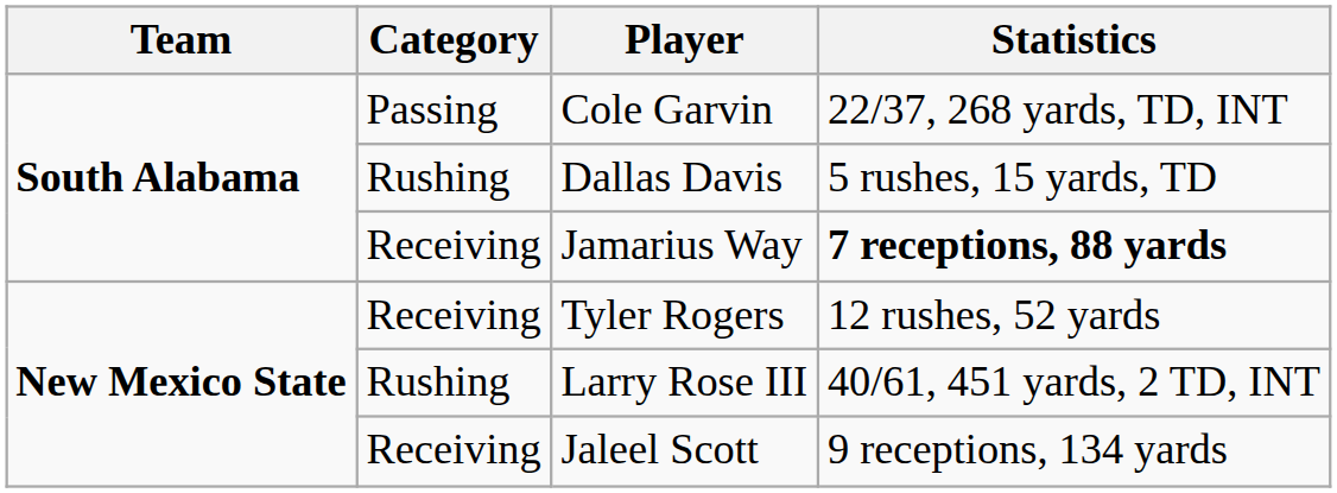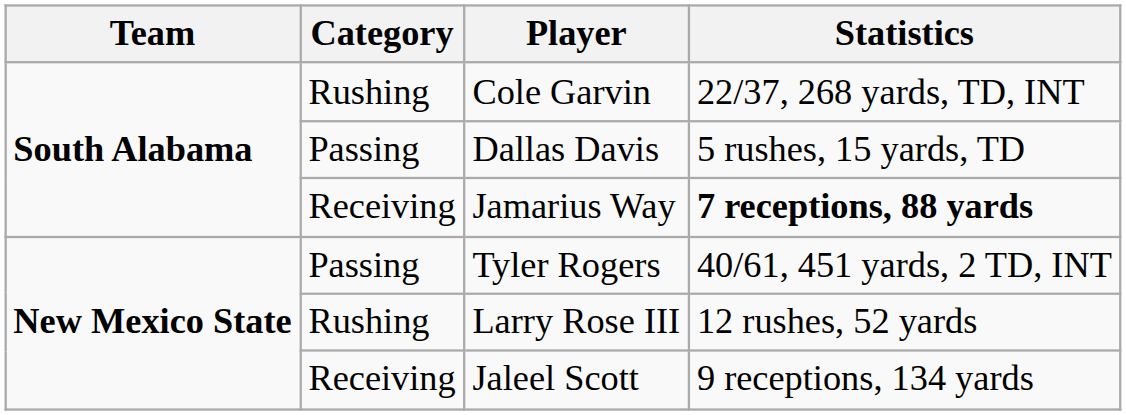 <table class="wikitable" style="float: right;">
 <tr>
 <th>Team</th>
 <th>Category</th>
 <th>Player</th>
 <th>Statistics</th>
 </tr>
 <tr>
 <td rowspan=3><strong>South Alabama</strong></td>
-<td>Passing</td>
+<td>Rushing</td>
 <td>Cole Garvin</td>
 <td>22/37, 268 yards, TD, INT</td>
 </tr>
 <tr>
-<td>Rushing</td>
+<td>Passing</td>
 <td>Dallas Davis</td>
 <td>5 rushes, 15 yards, TD</td>
 </tr>
 <tr>
 <td>Receiving</td>
 <td>Jamarius Way</td>
 <td><strong>7 receptions, 88 yards</strong></td>
 </tr>
 <tr>
 <td rowspan=3><strong>New Mexico State</strong></td>
-<td>Receiving</td>
+<td>Passing</td>
 <td>Tyler Rogers</td>
-<td>12 rushes, 52 yards</td>
+<td>40/61, 451 yards, 2 TD, INT</td>
 </tr>
 <tr>
 <td>Rushing</td>
 <td>Larry Rose III</td>
-<td>40/61, 451 yards, 2 TD, INT</td>
+<td>12 rushes, 52 yards</td>
 </tr>
 <tr>
 <td>Receiving</td>
 <td>Jaleel Scott</td>
 <td>9 receptions, 134 yards</td>
 </tr>
 </table>
